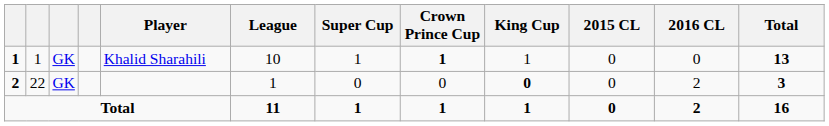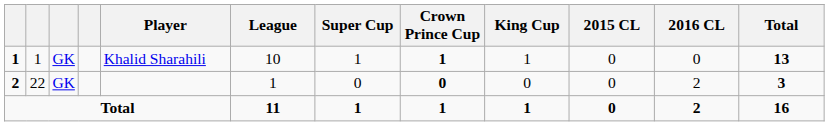 <table class="wikitable" style="text-align:center">
 <tr>
 <th width=15></th>
 <th width=15></th>
 <th width=15></th>
 <th width=15></th>
 <th width=127>Player</th>
 <th width=80><strong>League</strong></th>
 <th width=80><strong>Super Cup</strong></th>
 <th width=80><strong>Crown Prince Cup</strong></th>
 <th width=80><strong>King Cup</strong></th>
 <th width=80><strong>2015 CL</strong></th>
 <th width=80><strong>2016 CL</strong></th>
 <th width=80><strong>Total</strong></th>
 </tr>
 <tr>
 <td><strong>1</strong></td>
 <td>1</td>
 <td><a href='#'>GK</a></td>
 <td></td>
 <td align=left><a href='#'>Khalid Sharahili</a></td>
 <td>10</td>
 <td>1</td>
 <td><strong>1</strong></td>
 <td>1</td>
 <td>0</td>
 <td>0</td>
 <td><strong>13</strong></td>
 </tr>
 <tr>
 <td><strong>2</strong></td>
 <td>22</td>
 <td><a href='#'>GK</a></td>
 <td></td>
 <td align=left></td>
 <td>1</td>
 <td>0</td>
+<td><strong>0</strong></td>
 <td>0</td>
-<td><strong>0</strong></td>
 <td>0</td>
 <td>2</td>
 <td><strong>3</strong></td>
 </tr>
 <tr>
 <td colspan=5><strong>Total</strong></td>
 <td><strong>11</strong></td>
 <td><strong>1</strong></td>
 <td><strong>1</strong></td>
 <td><strong>1</strong></td>
 <td><strong>0</strong></td>
 <td><strong>2</strong></td>
 <td><strong>16</strong></td>
 </tr>
 </table>
